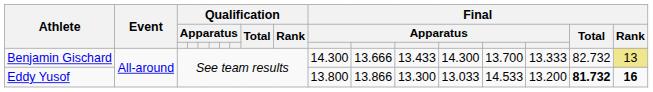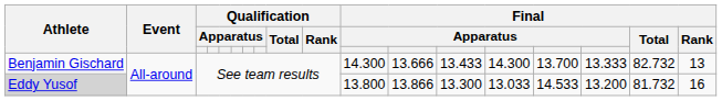 <table class="wikitable" style="font-size:90%">
 <tr>
 <th rowspan=3>Athlete</th>
 <th rowspan=3>Event</th>
 <th colspan =8>Qualification</th>
 <th colspan =8>Final</th>
 </tr>
 <tr style="font-size:95%">
 <th colspan=6>Apparatus</th>
 <th rowspan=2>Total</th>
 <th rowspan=2>Rank</th>
 <th colspan=6>Apparatus</th>
 <th rowspan=2>Total</th>
 <th rowspan=2>Rank</th>
 </tr>
 <tr style="font-size:95%">
 <th></th>
 <th></th>
 <th></th>
 <th></th>
 <th></th>
 <th></th>
 <th></th>
 <th></th>
 <th></th>
 <th></th>
 <th></th>
 <th></th>
 </tr>
 <tr align=center>
 <td align=left><a href='#'>Benjamin Gischard</a></td>
 <td align=left rowspan=2><a href='#'>All-around</a></td>
 <td rowspan=2 colspan=8><em>See team results</em></td>
 <td>14.300</td>
 <td>13.666</td>
 <td>13.433</td>
 <td>14.300</td>
 <td>13.700</td>
 <td>13.333</td>
 <td>82.732</td>
-<td style="background: khaki;">13</td>
+<td>13</td>
 </tr>
 <tr align=center>
-<td align=left><a href='#'>Eddy Yusof</a></td>
+<td align=left style="background: lightgrey;"><a href='#'>Eddy Yusof</a></td>
 <td>13.800</td>
 <td>13.866</td>
 <td>13.300</td>
 <td>13.033</td>
 <td>14.533</td>
 <td>13.200</td>
-<td><strong>81.732</strong></td>
-<td><strong>16</strong></td>
+<td>81.732</td>
+<td>16</td>
 </tr>
 </table>
